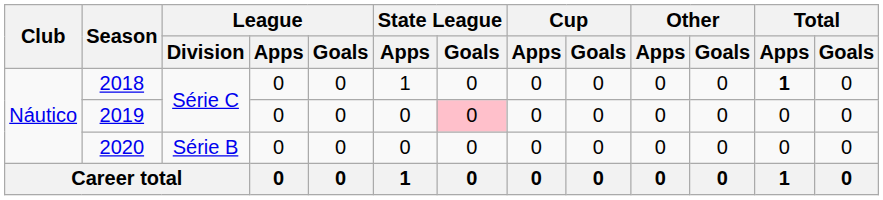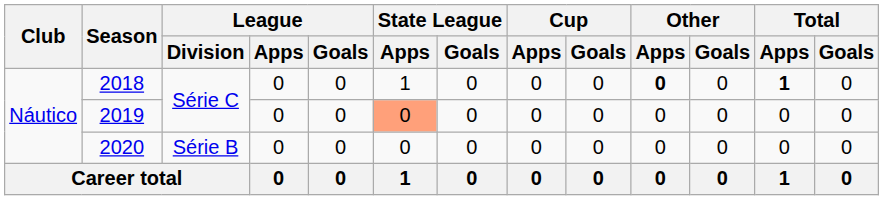 <table class="wikitable" style="text-align: center">
 <tr>
 <th rowspan="2">Club</th>
 <th rowspan="2">Season</th>
 <th colspan="3">League</th>
 <th colspan="2">State League</th>
 <th colspan="2">Cup</th>
 <th colspan="2">Other</th>
 <th colspan="2">Total</th>
 </tr>
 <tr>
 <th>Division</th>
 <th>Apps</th>
 <th>Goals</th>
 <th>Apps</th>
 <th>Goals</th>
 <th>Apps</th>
 <th>Goals</th>
 <th>Apps</th>
 <th>Goals</th>
 <th>Apps</th>
 <th>Goals</th>
 </tr>
 <tr>
 <td rowspan="3"><a href='#'>Náutico</a></td>
 <td><a href='#'>2018</a></td>
 <td rowspan="2"><a href='#'>Série C</a></td>
 <td>0</td>
 <td>0</td>
 <td>1</td>
 <td>0</td>
 <td>0</td>
 <td>0</td>
-<td>0</td>
+<td><strong>0</strong></td>
 <td>0</td>
 <td><strong>1</strong></td>
 <td>0</td>
 </tr>
 <tr>
 <td><a href='#'>2019</a></td>
 <td>0</td>
 <td>0</td>
+<td style="background: lightsalmon;">0</td>
 <td>0</td>
-<td style="background: pink;">0</td>
 <td>0</td>
 <td>0</td>
 <td>0</td>
 <td>0</td>
 <td>0</td>
 <td>0</td>
 </tr>
 <tr>
 <td><a href='#'>2020</a></td>
 <td><a href='#'>Série B</a></td>
 <td>0</td>
 <td>0</td>
 <td>0</td>
 <td>0</td>
 <td>0</td>
 <td>0</td>
 <td>0</td>
 <td>0</td>
 <td>0</td>
 <td>0</td>
 </tr>
 <tr>
 <th colspan="3"><strong>Career total</strong></th>
 <th>0</th>
 <th>0</th>
 <th>1</th>
 <th>0</th>
 <th>0</th>
 <th>0</th>
 <th>0</th>
 <th>0</th>
 <th>1</th>
 <th>0</th>
 </tr>
 </table>
